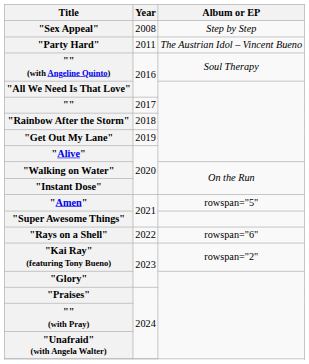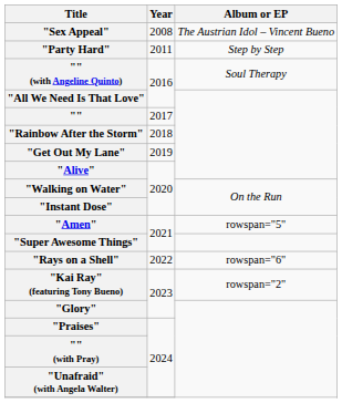 <table class="wikitable plainrowheaders" style="text-align:center;">
 <tr>
 <th scope="col">Title</th>
 <th scope="col">Year</th>
 <th scope="col">Album or EP</th>
 </tr>
 <tr>
 <th scope="row">"Sex Appeal"</th>
 <td>2008</td>
-<td><em>Step by Step</em></td>
+<td><em>The Austrian Idol – Vincent Bueno</em></td>
 </tr>
 <tr>
 <th scope="row">"Party Hard"</th>
 <td>2011</td>
-<td><em>The Austrian Idol – Vincent Bueno</em></td>
+<td><em>Step by Step</em></td>
 </tr>
 <tr>
 <th scope="row">""<br><small>(with <a href='#'>Angeline Quinto</a>)</small></th>
 <td rowspan="2">2016</td>
 <td><em>Soul Therapy</em></td>
 </tr>
 <tr>
 <th scope="row">"All We Need Is That Love"</th>
 </tr>
 <tr>
 <th scope="row">""</th>
 <td>2017</td>
 </tr>
 <tr>
 <th scope="row">"Rainbow After the Storm"</th>
 <td>2018</td>
 </tr>
 <tr>
 <th scope="row">"Get Out My Lane"</th>
 <td>2019</td>
 </tr>
 <tr>
 <th scope="row">"<a href='#'>Alive</a>"</th>
 <td rowspan="3">2020</td>
 </tr>
 <tr>
 <th scope="row">"Walking on Water"</th>
 <td rowspan="2"><em>On the Run</em></td>
 </tr>
 <tr>
 <th scope="row">"Instant Dose"</th>
 </tr>
 <tr>
 <th scope="row">"<a href='#'>Amen</a>"</th>
 <td rowspan="2">2021</td>
 <td>rowspan="5" </td>
 </tr>
 <tr>
 <th scope="row">"Super Awesome Things"</th>
 </tr>
 <tr>
 <th scope="row">"Rays on a Shell"</th>
 <td>2022</td>
 <td>rowspan="6" </td>
 </tr>
 <tr>
 <th scope="row">"Kai Ray"<br><small>(featuring Tony Bueno)</small></th>
 <td rowspan="2">2023</td>
 <td>rowspan="2" </td>
 </tr>
 <tr>
 <th scope="row">"Glory"</th>
 </tr>
 <tr>
 <th scope="row">"Praises"</th>
 <td rowspan="3">2024</td>
 </tr>
 <tr>
 <th scope="row">""<br><small>(with Pray)</small></th>
 </tr>
 <tr>
 <th scope="row">"Unafraid"<br><small>(with Angela Walter)</small></th>
 </tr>
 <tr>
 </tr>
 </table>
